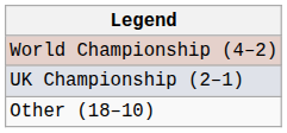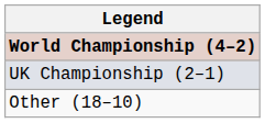 <table class="wikitable">
 <tr>
 <th>Legend</th>
 </tr>
 <tr style="background:#e5d1cb;">
-<td>World Championship (4–2)</td>
+<td><strong>World Championship (4–2)</strong></td>
 </tr>
 <tr style="background:#dfe2e9;">
 <td>UK Championship (2–1)</td>
 </tr>
 <tr bgcolor=>
 <td>Other (18–10)</td>
 </tr>
 </table>
